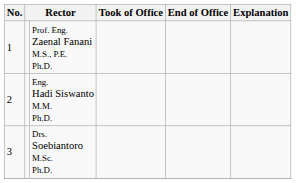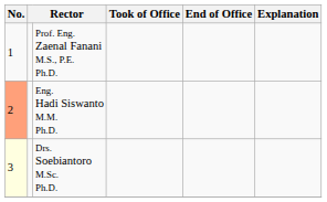 <table class="wikitable">
 <tr>
 <th>No.</th>
 <th colspan=2>Rector</th>
 <th>Took of Office</th>
 <th>End of Office</th>
 <th>Explanation</th>
 </tr>
 <tr>
 <td>1</td>
 <td></td>
 <td><small>Prof. Eng.</small><br>Zaenal Fanani<br> <small>M.S., P.E.</small><br> <small>Ph.D.</small></td>
 <td></td>
 <td></td>
 <td></td>
 </tr>
 <tr>
-<td>2</td>
+<td style="background: lightsalmon;">2</td>
 <td></td>
 <td><small>Eng.</small><br>Hadi Siswanto<br> <small>M.M.</small><br> <small>Ph.D.</small></td>
 <td></td>
 <td></td>
 <td></td>
 </tr>
 <tr>
-<td>3</td>
+<td style="background: lightyellow;">3</td>
 <td></td>
 <td><small>Drs.</small><br>Soebiantoro<br> <small>M.Sc.</small><br> <small>Ph.D.</small></td>
 <td></td>
 <td></td>
 <td></td>
 </tr>
 <tr>
 </tr>
 </table>
